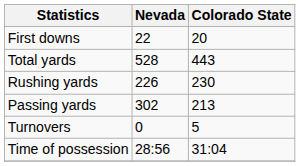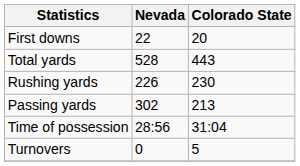 <table class="wikitable">
 <tr>
 <th>Statistics</th>
 <th>Nevada</th>
 <th>Colorado State</th>
 </tr>
 <tr>
 <td>First downs</td>
 <td>22</td>
 <td>20</td>
 </tr>
 <tr>
 <td>Total yards</td>
 <td>528</td>
 <td>443</td>
 </tr>
 <tr>
 <td>Rushing yards</td>
 <td>226</td>
 <td>230</td>
 </tr>
 <tr>
 <td>Passing yards</td>
 <td>302</td>
 <td>213</td>
 </tr>
 <tr>
+<td>Time of possession</td>
+<td>28:56</td>
+<td>31:04</td>
+</tr>
+<tr>
 <td>Turnovers</td>
 <td>0</td>
 <td>5</td>
 </tr>
 <tr>
-<td>Time of possession</td>
-<td>28:56</td>
-<td>31:04</td>
-</tr>
-<tr>
 </tr>
 </table>
